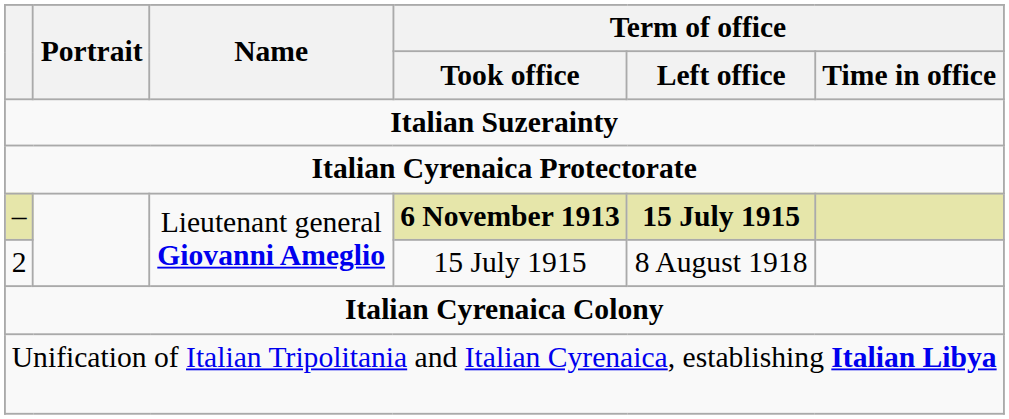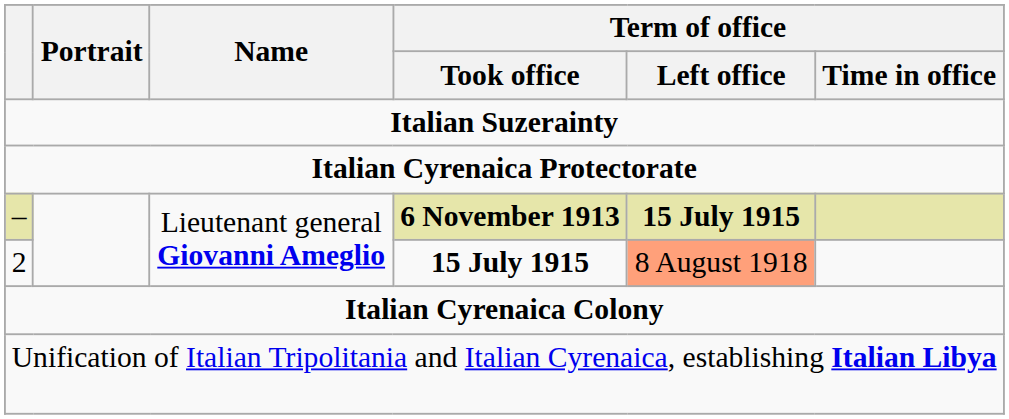 <table class="wikitable" style="text-align:center;">
 <tr>
 <th rowspan=2></th>
 <th rowspan=2>Portrait</th>
 <th rowspan=2>Name<br></th>
 <th colspan=3>Term of office</th>
 </tr>
 <tr>
 <th>Took office</th>
 <th>Left office</th>
 <th>Time in office</th>
 </tr>
 <tr style="text-align:center;">
 <td colspan=9><strong>Italian Suzerainty</strong><br></td>
 </tr>
 <tr style="text-align:center;">
 <td colspan=9><strong>Italian Cyrenaica Protectorate</strong><br></td>
 </tr>
 <tr>
 <td style="background:#E6E6AA">–</td>
 <td rowspan=2></td>
 <td rowspan=2>Lieutenant general<br><strong><a href='#'>Giovanni Ameglio</a></strong><br></td>
 <td style="background:#E6E6AA"><strong>6 November 1913</strong></td>
 <td style="background:#E6E6AA"><strong>15 July 1915</strong></td>
 <td style="background:#E6E6AA"></td>
 </tr>
 <tr>
 <td>2</td>
-<td>15 July 1915</td>
-<td>8 August 1918</td>
+<td><strong>15 July 1915</strong></td>
+<td style="background: lightsalmon;">8 August 1918</td>
 <td><br></td>
 </tr>
 <tr style="text-align:center;">
 <td colspan=9><strong>Italian Cyrenaica Colony</strong><br>          </td>
 </tr>
 <tr>
 <td colspan=6>Unification of <a href='#'>Italian Tripolitania</a> and <a href='#'>Italian Cyrenaica</a>, establishing <strong><a href='#'>Italian Libya</a></strong><br><br> </td>
 </tr>
 </table>
